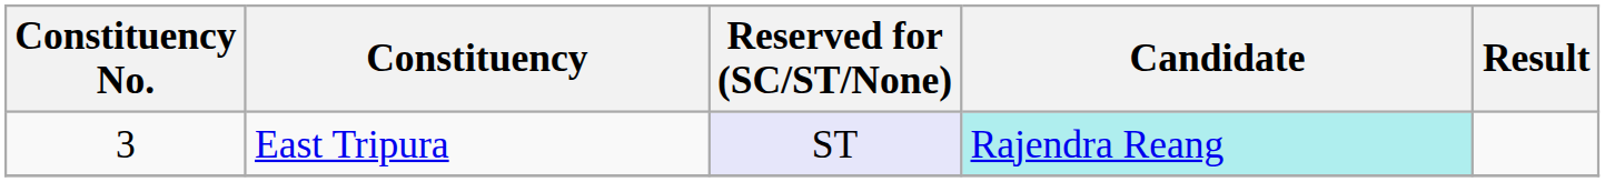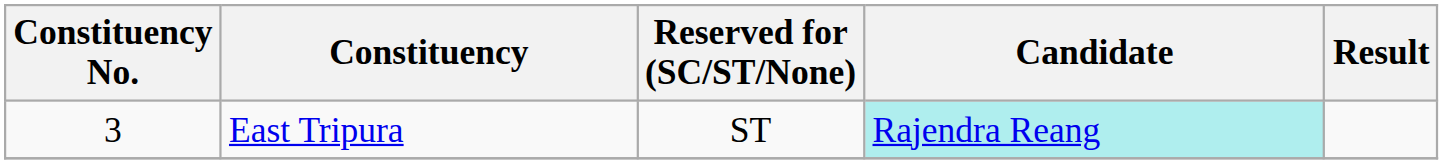 <table class= "wikitable sortable">
 <tr>
 <th align="center">Constituency <br> No.</th>
 <th style="width:180px;">Constituency</th>
 <th align="center">Reserved for<br>(SC/ST/None)</th>
 <th style="width:200px;">Candidate</th>
 <th align="center">Result</th>
 </tr>
 <tr>
 <td style="text-align:center;">3</td>
 <td><a href='#'>East Tripura</a></td>
-<td style="background: lavender; text-align:center;">ST</td>
+<td style="text-align:center;">ST</td>
 <td style="background: paleturquoise;"><a href='#'>Rajendra Reang</a></td>
 <td></td>
 </tr>
 <tr>
 </tr>
 </table>
